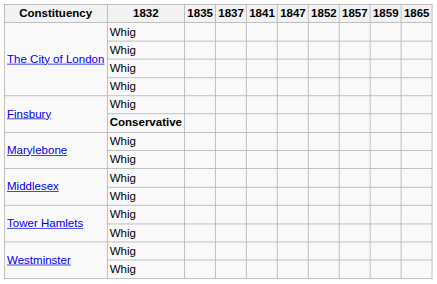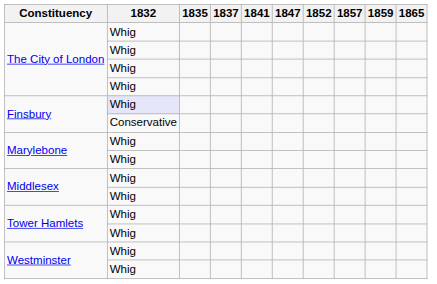 <table class=wikitable sortable>
 <tr>
 <th>Constituency</th>
 <th>1832</th>
 <th>1835</th>
 <th>1837</th>
 <th>1841</th>
 <th>1847</th>
 <th>1852</th>
 <th>1857</th>
 <th>1859</th>
 <th>1865</th>
 </tr>
 <tr>
 <td rowspan=4><a href='#'>The City of London</a></td>
 <td bgcolor=>Whig</td>
 <td></td>
 <td></td>
 <td></td>
 <td></td>
 <td></td>
 <td></td>
 <td></td>
 <td></td>
 </tr>
 <tr>
 <td bgcolor=>Whig</td>
 <td></td>
 <td></td>
 <td></td>
 <td></td>
 <td></td>
 <td></td>
 <td></td>
 <td></td>
 </tr>
 <tr>
 <td bgcolor=>Whig</td>
 <td></td>
 <td></td>
 <td></td>
 <td></td>
 <td></td>
 <td></td>
 <td></td>
 <td></td>
 </tr>
 <tr>
 <td bgcolor=>Whig</td>
 <td></td>
 <td></td>
 <td></td>
 <td></td>
 <td></td>
 <td></td>
 <td></td>
 <td></td>
 </tr>
 <tr>
 <td rowspan="2"><a href='#'>Finsbury</a></td>
-<td>Whig</td>
+<td style="background: lavender;">Whig</td>
 <td></td>
 <td></td>
 <td></td>
 <td></td>
 <td></td>
 <td></td>
 <td></td>
 <td></td>
 </tr>
 <tr>
-<td><strong>Conservative</strong></td>
+<td>Conservative</td>
 <td></td>
 <td></td>
 <td></td>
 <td></td>
 <td></td>
 <td></td>
 <td></td>
 <td></td>
 </tr>
 <tr>
 <td rowspan="2"><a href='#'>Marylebone</a></td>
 <td>Whig</td>
 <td></td>
 <td></td>
 <td></td>
 <td></td>
 <td></td>
 <td></td>
 <td></td>
 <td></td>
 </tr>
 <tr>
 <td>Whig</td>
 <td></td>
 <td></td>
 <td></td>
 <td></td>
 <td></td>
 <td></td>
 <td></td>
 <td></td>
 </tr>
 <tr>
 <td rowspan="2"><a href='#'>Middlesex</a></td>
 <td>Whig</td>
 <td></td>
 <td></td>
 <td></td>
 <td></td>
 <td></td>
 <td></td>
 <td></td>
 <td></td>
 </tr>
 <tr>
 <td>Whig</td>
 <td></td>
 <td></td>
 <td></td>
 <td></td>
 <td></td>
 <td></td>
 <td></td>
 <td></td>
 </tr>
 <tr>
 <td rowspan="2"><a href='#'>Tower Hamlets</a></td>
 <td>Whig</td>
 <td></td>
 <td></td>
 <td></td>
 <td></td>
 <td></td>
 <td></td>
 <td></td>
 <td></td>
 </tr>
 <tr>
 <td>Whig</td>
 <td></td>
 <td></td>
 <td></td>
 <td></td>
 <td></td>
 <td></td>
 <td></td>
 <td></td>
 </tr>
 <tr>
 <td rowspan="2"><a href='#'>Westminster</a></td>
 <td>Whig</td>
 <td></td>
 <td></td>
 <td></td>
 <td></td>
 <td></td>
 <td></td>
 <td></td>
 <td></td>
 </tr>
 <tr>
 <td>Whig</td>
 <td></td>
 <td></td>
 <td></td>
 <td></td>
 <td></td>
 <td></td>
 <td></td>
 <td></td>
 </tr>
 </table>
